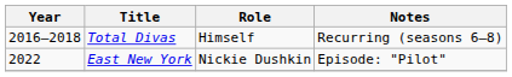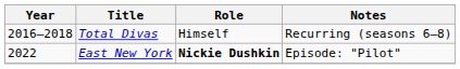 <table class="wikitable sortable">
 <tr>
 <th>Year</th>
 <th>Title</th>
 <th>Role</th>
 <th class="unsortable">Notes</th>
 </tr>
 <tr>
 <td>2016–2018</td>
 <td><em><a href='#'>Total Divas</a></em></td>
 <td>Himself</td>
 <td>Recurring (seasons 6–8)</td>
 </tr>
 <tr>
 <td>2022</td>
 <td><em><a href='#'>East New York</a></em></td>
-<td>Nickie Dushkin</td>
+<td><strong>Nickie Dushkin</strong></td>
 <td>Episode: "Pilot"</td>
 </tr>
 <tr>
 </tr>
 </table>
